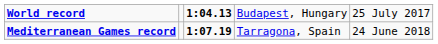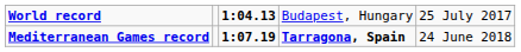 <table class="wikitable">
 <tr>
 <td><strong><a href='#'>World record</a></strong></td>
 <td></td>
 <td><strong>1:04.13</strong></td>
 <td><a href='#'>Budapest</a>, Hungary</td>
 <td>25 July 2017</td>
 </tr>
 <tr>
 <td><strong><a href='#'>Mediterranean Games record</a></strong></td>
 <td></td>
 <td><strong>1:07.19</strong></td>
-<td><a href='#'>Tarragona</a>, Spain</td>
+<td><strong><a href='#'>Tarragona</a>, Spain</strong></td>
 <td>24 June 2018</td>
 </tr>
 </table>
